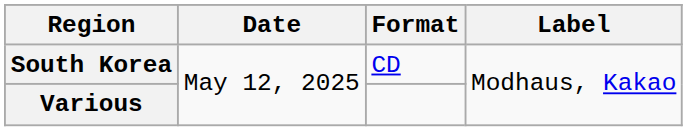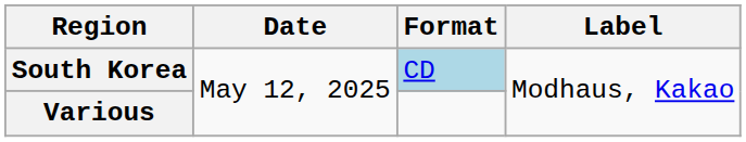 <table class="wikitable plainrowheaders">
 <tr>
 <th scope="col">Region</th>
 <th scope="col">Date</th>
 <th scope="col">Format</th>
 <th scope="col">Label</th>
 </tr>
 <tr>
 <th scope="row">South Korea</th>
 <td rowspan="2">May 12, 2025</td>
-<td><a href='#'>CD</a></td>
+<td style="background: lightblue;"><a href='#'>CD</a></td>
 <td rowspan="2">Modhaus, <a href='#'>Kakao</a></td>
 </tr>
 <tr>
 <th scope="row">Various</th>
 <td></td>
 </tr>
 </table>
